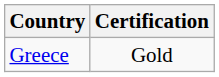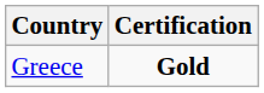 <table class="wikitable">
 <tr>
 <th>Country</th>
 <th>Certification</th>
 </tr>
 <tr>
 <td><a href='#'>Greece</a></td>
-<td style="text-align:center;">Gold</td>
+<td style="text-align:center;"><strong>Gold</strong></td>
 </tr>
 </table>
